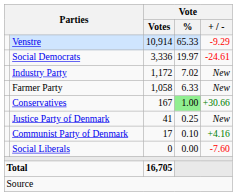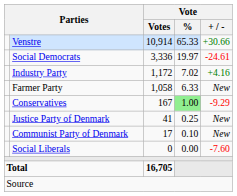 <table class="wikitable" style="text-align:right;">
 <tr>
 <th style="text-align:centre;" rowspan="2" colspan="2" width="225">Parties</th>
 <th colspan="3">Vote</th>
 </tr>
 <tr>
 <th width="15">Votes</th>
 <th width="15">%</th>
 <th width="15">+ / -</th>
 </tr>
 <tr>
 <td width="2" style="color:inherit;background:"></td>
 <td bgcolor=#cfe5fe  align="left"><a href='#'>Venstre</a></td>
 <td bgcolor=#cfe5fe>10,914</td>
 <td bgcolor=#cfe5fe>65.33</td>
-<td style=color:red;>-9.29</td>
+<td style=color:green;>+30.66</td>
 </tr>
 <tr>
 <td width="2" style="color:inherit;background:"></td>
 <td align="left"><a href='#'>Social Democrats</a></td>
 <td>3,336</td>
 <td>19.97</td>
 <td style=color:red;>-24.61</td>
 </tr>
 <tr>
 <td width="2" style="color:inherit;background:"></td>
 <td align="left"><a href='#'>Industry Party</a></td>
 <td>1,172</td>
 <td>7.02</td>
-<td><em>New</em></td>
+<td style=color:green;>+4.16</td>
 </tr>
 <tr>
 <td width="2" style="color:inherit;background:"></td>
 <td align="left">Farmer Party</td>
 <td>1,058</td>
 <td>6.33</td>
 <td><em>New</em></td>
 </tr>
 <tr>
 <td width="2" style="color:inherit;background:"></td>
 <td align="left"><a href='#'>Conservatives</a></td>
 <td>167</td>
 <td style="background: lightgreen;">1.00</td>
-<td style=color:green;>+30.66</td>
+<td style=color:red;>-9.29</td>
 </tr>
 <tr>
 <td width="2" style="color:inherit;background:"></td>
 <td align="left"><a href='#'>Justice Party of Denmark</a></td>
 <td>41</td>
 <td>0.25</td>
 <td><em>New</em></td>
 </tr>
 <tr>
 <td width="2" style="color:inherit;background:"></td>
 <td align="left"><a href='#'>Communist Party of Denmark</a></td>
 <td>17</td>
 <td>0.10</td>
-<td style=color:green;>+4.16</td>
+<td><em>New</em></td>
 </tr>
 <tr>
 <td width="2" style="color:inherit;background:"></td>
 <td align="left"><a href='#'>Social Liberals</a></td>
 <td>0</td>
 <td>0.00</td>
 <td style=color:red;>-7.60</td>
 </tr>
 <tr>
 <td colspan="7" bgcolor="#E9E9E9"></td>
 </tr>
 <tr>
 <td align="left" colspan="2"><strong>Total</strong></td>
 <td><strong>16,705</strong></td>
 <td bgcolor="#E9E9E9" colspan="2"></td>
 </tr>
 <tr>
 <td align="left" colspan="6">Source</td>
 </tr>
 </table>
